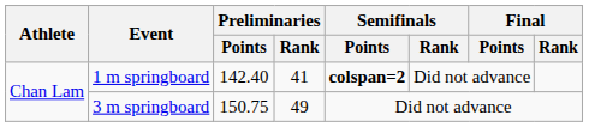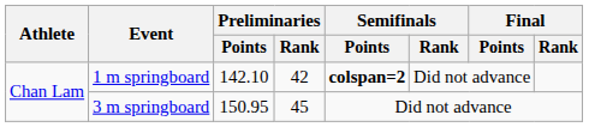 <table class="wikitable" style="text-align:center; font-size:90%">
 <tr>
 <th rowspan=2>Athlete</th>
 <th rowspan=2>Event</th>
 <th colspan=2>Preliminaries</th>
 <th colspan=2>Semifinals</th>
 <th colspan=2>Final</th>
 </tr>
 <tr style="font-size:95%">
 <th>Points</th>
 <th>Rank</th>
 <th>Points</th>
 <th>Rank</th>
 <th>Points</th>
 <th>Rank</th>
 </tr>
 <tr>
 <td align=left rowspan=2><a href='#'>Chan Lam</a></td>
 <td align=left><a href='#'>1 m springboard</a></td>
-<td>142.40</td>
-<td>41</td>
+<td>142.10</td>
+<td>42</td>
 <td><strong>colspan=2 </strong></td>
 <td colspan=2>Did not advance</td>
 </tr>
 <tr>
 <td align=left><a href='#'>3 m springboard</a></td>
-<td>150.75</td>
-<td>49</td>
+<td>150.95</td>
+<td>45</td>
 <td colspan=4>Did not advance</td>
 </tr>
 </table>
